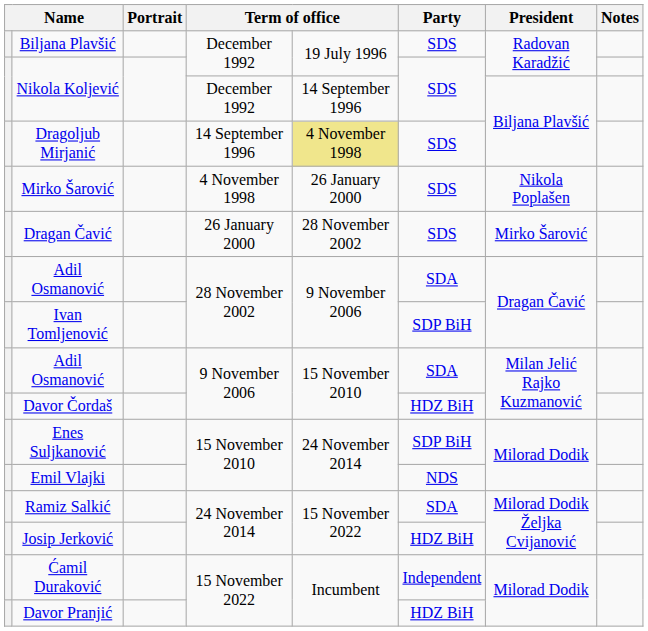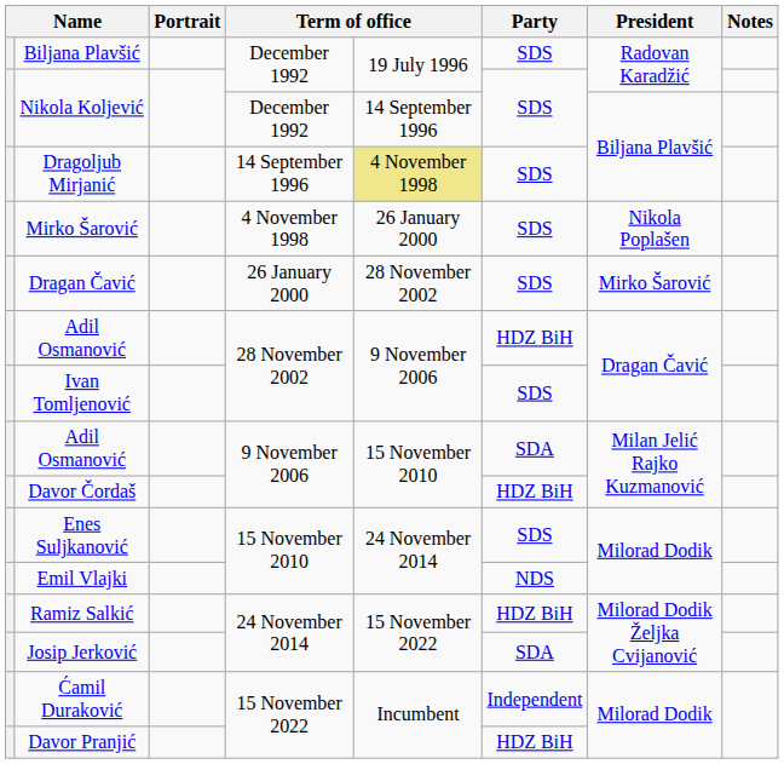 <table class="wikitable" style="font-size:95%;text-align:center">
 <tr>
 <th colspan=2>Name<br></th>
 <th>Portrait</th>
 <th colspan=2>Term of office</th>
 <th>Party</th>
 <th>President</th>
 <th>Notes</th>
 </tr>
 <tr>
 <th style="background-color:"></th>
 <td><a href='#'>Biljana Plavšić</a><br></td>
 <td></td>
 <td rowspan=2>December 1992</td>
 <td rowspan=2>19 July 1996</td>
 <td><a href='#'>SDS</a></td>
 <td rowspan=2><a href='#'>Radovan Karadžić</a></td>
 <td></td>
 </tr>
 <tr>
 <th rowspan=2 style="background-color:"></th>
 <td rowspan=2><a href='#'>Nikola Koljević</a><br></td>
 <td rowspan=2></td>
 <td rowspan=2><a href='#'>SDS</a></td>
 <td></td>
 </tr>
 <tr>
 <td>December 1992</td>
 <td>14 September 1996</td>
 <td rowspan=2><a href='#'>Biljana Plavšić</a></td>
 <td></td>
 </tr>
 <tr>
 <th style="background-color:"></th>
 <td><a href='#'>Dragoljub Mirjanić</a><br></td>
 <td></td>
 <td>14 September 1996</td>
 <td style="background: khaki;">4 November 1998</td>
 <td><a href='#'>SDS</a></td>
 <td></td>
 </tr>
 <tr>
 <th style="background-color:"></th>
 <td><a href='#'>Mirko Šarović</a><br></td>
 <td></td>
 <td>4 November 1998</td>
 <td>26 January 2000</td>
 <td><a href='#'>SDS</a></td>
 <td><a href='#'>Nikola Poplašen</a></td>
 <td></td>
 </tr>
 <tr>
 <th style="background-color:"></th>
 <td><a href='#'>Dragan Čavić</a><br></td>
 <td></td>
 <td>26 January 2000</td>
 <td>28 November 2002</td>
 <td><a href='#'>SDS</a></td>
 <td><a href='#'>Mirko Šarović</a></td>
 <td></td>
 </tr>
 <tr>
 <th style="background-color:"></th>
 <td><a href='#'>Adil Osmanović</a><br></td>
 <td></td>
 <td rowspan=2>28 November 2002</td>
 <td rowspan=2>9 November 2006</td>
-<td><a href='#'>SDA</a></td>
+<td><a href='#'>HDZ BiH</a></td>
 <td rowspan=2><a href='#'>Dragan Čavić</a></td>
 <td></td>
 </tr>
 <tr>
 <th style="background-color:"></th>
 <td><a href='#'>Ivan Tomljenović</a></td>
 <td></td>
-<td><a href='#'>SDP BiH</a></td>
+<td><a href='#'>SDS</a></td>
 <td></td>
 </tr>
 <tr>
 <th style="background-color:"></th>
 <td><a href='#'>Adil Osmanović</a><br></td>
 <td></td>
 <td rowspan=2>9 November 2006</td>
 <td rowspan=2>15 November 2010</td>
 <td><a href='#'>SDA</a></td>
 <td rowspan=2><a href='#'>Milan Jelić</a><br><a href='#'>Rajko Kuzmanović</a></td>
 <td></td>
 </tr>
 <tr>
 <th style="background-color:"></th>
 <td><a href='#'>Davor Čordaš</a><br></td>
 <td></td>
 <td><a href='#'>HDZ BiH</a></td>
 <td></td>
 </tr>
 <tr>
 <th style="background-color:"></th>
 <td><a href='#'>Enes Suljkanović</a><br></td>
 <td></td>
 <td rowspan=2>15 November 2010</td>
 <td rowspan=2>24 November 2014</td>
-<td><a href='#'>SDP BiH</a></td>
+<td><a href='#'>SDS</a></td>
 <td rowspan=2><a href='#'>Milorad Dodik</a></td>
 <td></td>
 </tr>
 <tr>
 <th style="background-color:"></th>
 <td><a href='#'>Emil Vlajki</a><br></td>
 <td></td>
 <td><a href='#'>NDS</a></td>
 <td></td>
 </tr>
 <tr>
 <th style="background-color:"></th>
 <td><a href='#'>Ramiz Salkić</a><br></td>
 <td></td>
 <td rowspan=2>24 November 2014</td>
 <td rowspan=2>15 November 2022</td>
-<td><a href='#'>SDA</a></td>
+<td><a href='#'>HDZ BiH</a></td>
 <td rowspan=2><a href='#'>Milorad Dodik</a><br><a href='#'>Željka Cvijanović</a></td>
 <td></td>
 </tr>
 <tr>
 <th style="background-color:"></th>
 <td><a href='#'>Josip Jerković</a><br></td>
 <td></td>
-<td><a href='#'>HDZ BiH</a></td>
+<td><a href='#'>SDA</a></td>
 <td></td>
 </tr>
 <tr>
 <th style="background-color:"></th>
 <td><a href='#'>Ćamil Duraković</a><br></td>
 <td></td>
 <td rowspan=2>15 November 2022</td>
 <td rowspan=2>Incumbent</td>
 <td><a href='#'>Independent</a></td>
 <td rowspan=2><a href='#'>Milorad Dodik</a></td>
 <td rowspan=2></td>
 </tr>
 <tr>
 <th style="background-color:"></th>
 <td><a href='#'>Davor Pranjić</a><br></td>
 <td></td>
 <td><a href='#'>HDZ BiH</a></td>
 </tr>
 </table>
